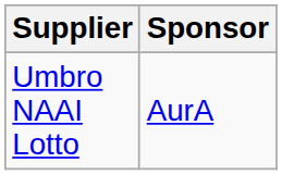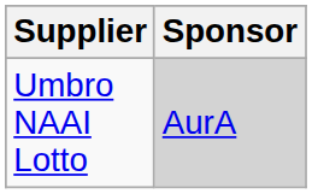 <table class="wikitable">
 <tr>
 <th>Supplier</th>
 <th>Sponsor</th>
 </tr>
 <tr>
 <td> <a href='#'>Umbro</a><br> <a href='#'>NAAI</a><br> <a href='#'>Lotto</a></td>
-<td> <a href='#'>AurA</a></td>
+<td style="background: lightgrey;"> <a href='#'>AurA</a></td>
 </tr>
 </table>
